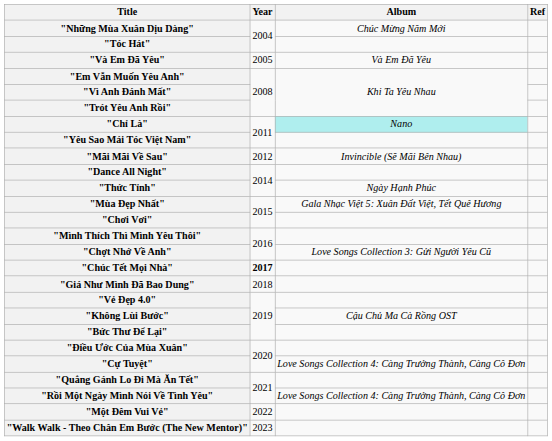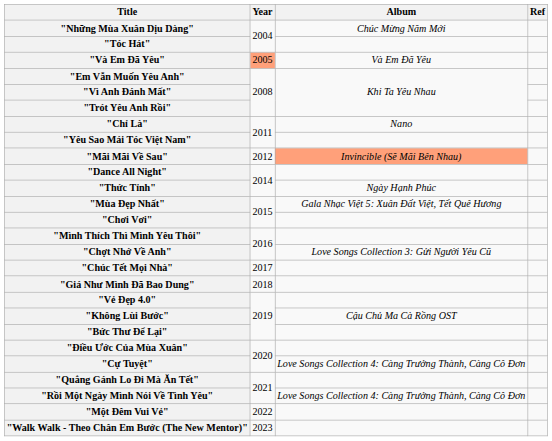 <table class="wikitable plainrowheaders" style="text-align:center;">
 <tr>
 <th>Title</th>
 <th>Year</th>
 <th>Album</th>
 <th>Ref</th>
 </tr>
 <tr>
 <th scope="row">"Những Mùa Xuân Dịu Dàng"</th>
 <td rowspan="2">2004</td>
 <td><em>Chúc Mừng Năm Mới</em></td>
 <td><br></td>
 </tr>
 <tr>
 <th scope="row">"Tóc Hát"</th>
 <td></td>
 <td></td>
 </tr>
 <tr>
 <th scope="row">"Và Em Đã Yêu"</th>
-<td>2005</td>
+<td style="background: lightsalmon;">2005</td>
 <td><em>Và Em Đã Yêu</em></td>
 <td></td>
 </tr>
 <tr>
 <th scope="row">"Em Vẫn Muốn Yêu Anh"</th>
 <td rowspan="3">2008</td>
 <td rowspan="3"><em>Khi Ta Yêu Nhau</em></td>
 <td></td>
 </tr>
 <tr>
 <th scope="row">"Vì Anh Đánh Mất" </th>
 <td></td>
 </tr>
 <tr>
 <th scope="row">"Trót Yêu Anh Rồi"</th>
 <td></td>
 </tr>
 <tr>
 <th scope="row">"Chỉ Là"</th>
 <td rowspan="2">2011</td>
-<td style="background: paleturquoise;"><em>Nano</em></td>
+<td><em>Nano</em></td>
 <td></td>
 </tr>
 <tr>
 <th scope="row">"Yêu Sao Mái Tóc Việt Nam" </th>
 <td></td>
 <td><br></td>
 </tr>
 <tr>
 <th scope="row">"Mãi Mãi Về Sau"</th>
 <td>2012</td>
-<td><em>Invincible (Sẽ Mãi Bên Nhau)</em></td>
+<td style="background: lightsalmon;"><em>Invincible (Sẽ Mãi Bên Nhau)</em></td>
 <td></td>
 </tr>
 <tr>
 <th scope="row">"Dance All Night"</th>
 <td rowspan="2">2014</td>
 <td></td>
 <td></td>
 </tr>
 <tr>
 <th scope="row">"Thức Tỉnh"</th>
 <td><em>Ngày Hạnh Phúc</em></td>
 <td></td>
 </tr>
 <tr>
 <th scope="row">"Mùa Đẹp Nhất"</th>
 <td rowspan="2">2015</td>
 <td><em>Gala Nhạc Việt 5: Xuân Đất Việt, Tết Quê Hương</em></td>
 <td></td>
 </tr>
 <tr>
 <th scope="row">"Chơi Vơi"</th>
 <td></td>
 <td></td>
 </tr>
 <tr>
 <th scope="row">"Mình Thích Thì Mình Yêu Thôi" </th>
 <td rowspan="2">2016</td>
 <td></td>
 <td></td>
 </tr>
 <tr>
 <th scope="row">"Chợt Nhớ Về Anh"</th>
 <td><em>Love Songs Collection 3: Gửi Người Yêu Cũ</em></td>
 <td></td>
 </tr>
 <tr>
 <th scope="row">"Chúc Tết Mọi Nhà" </th>
-<td><strong>2017</strong></td>
+<td>2017</td>
 <td></td>
 <td></td>
 </tr>
 <tr>
 <th scope="row">"Giá Như Mình Đã Bao Dung"</th>
 <td>2018</td>
 <td></td>
 <td></td>
 </tr>
 <tr>
 <th scope="row">"Vẻ Đẹp 4.0"</th>
 <td rowspan="3">2019</td>
 <td></td>
 <td></td>
 </tr>
 <tr>
 <th scope="row">"Không Lùi Bước"</th>
 <td><em>Cậu Chủ Ma Cà Rồng OST</em></td>
 <td></td>
 </tr>
 <tr>
 <th scope="row">"Bức Thư Để Lại" </th>
 <td></td>
 <td></td>
 </tr>
 <tr>
 <th scope="row">"Điều Ước Của Mùa Xuân"</th>
 <td rowspan="2">2020</td>
 <td></td>
 <td></td>
 </tr>
 <tr>
 <th scope="row">"Cự Tuyệt"</th>
 <td><em>Love Songs Collection 4: Càng Trưởng Thành, Càng Cô Đơn</em></td>
 <td></td>
 </tr>
 <tr>
 <th scope="row">"Quẳng Gánh Lo Đi Mà Ăn Tết"</th>
 <td rowspan="2">2021</td>
 <td></td>
 <td></td>
 </tr>
 <tr>
 <th scope="row">"Rồi Một Ngày Mình Nói Về Tình Yêu"</th>
 <td><em>Love Songs Collection 4: Càng Trưởng Thành, Càng Cô Đơn</em></td>
 <td></td>
 </tr>
 <tr>
 <th scope="row">"Một Đêm Vui Vẻ" </th>
 <td>2022</td>
 <td></td>
 <td></td>
 </tr>
 <tr>
 <th scope="row">"Walk Walk - Theo Chân Em Bước (The New Mentor)"</th>
 <td>2023</td>
 <td></td>
 <td></td>
 </tr>
 </table>
